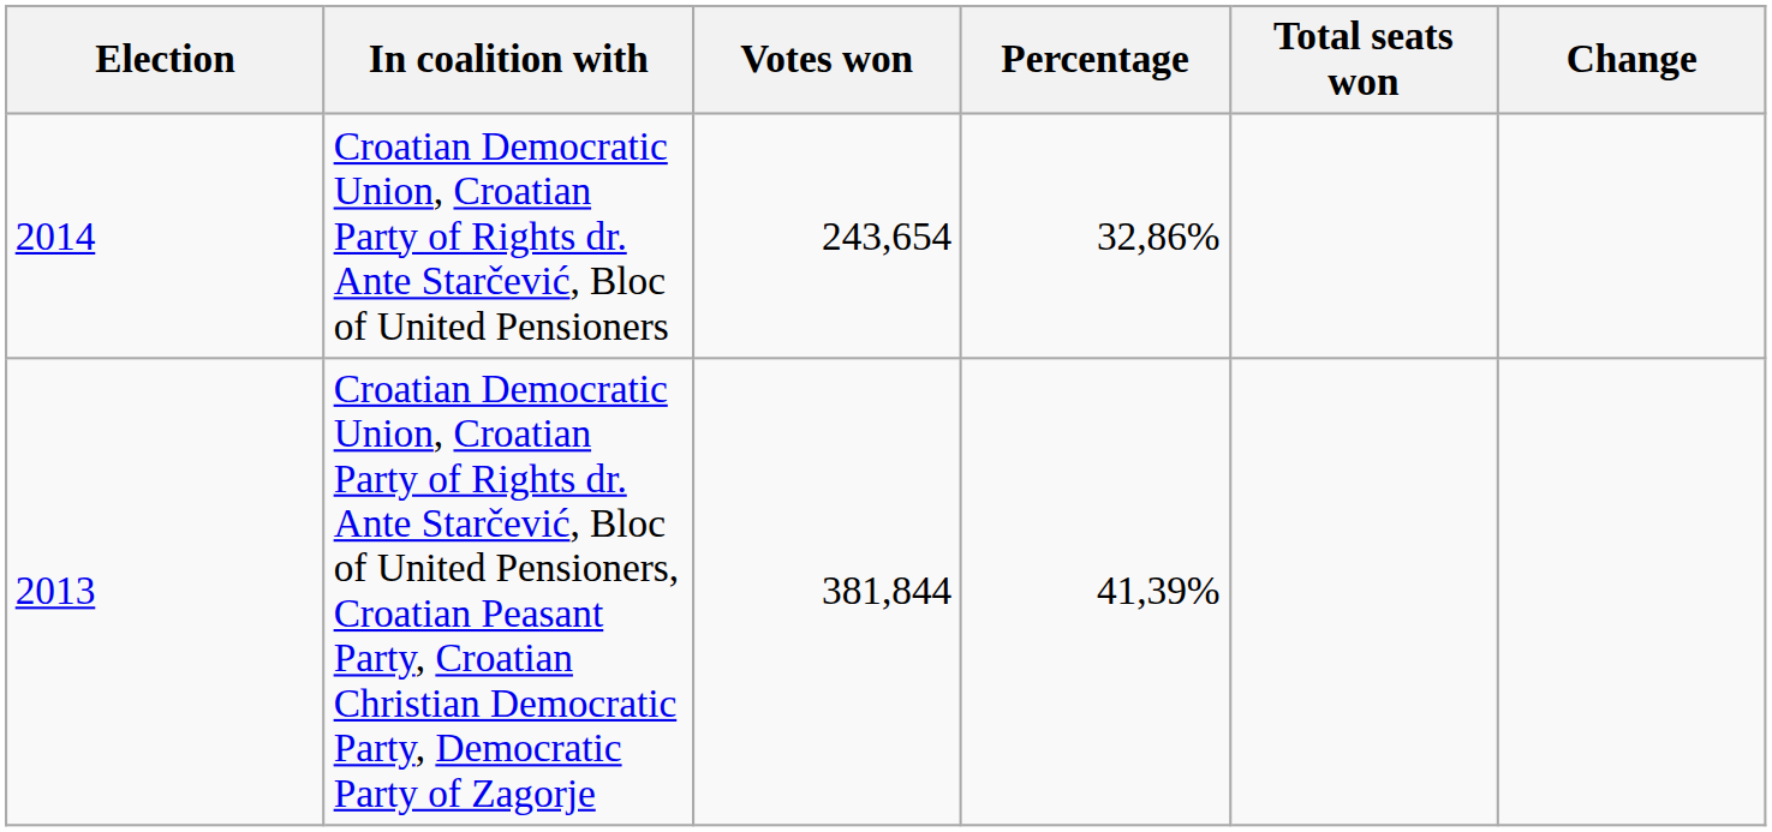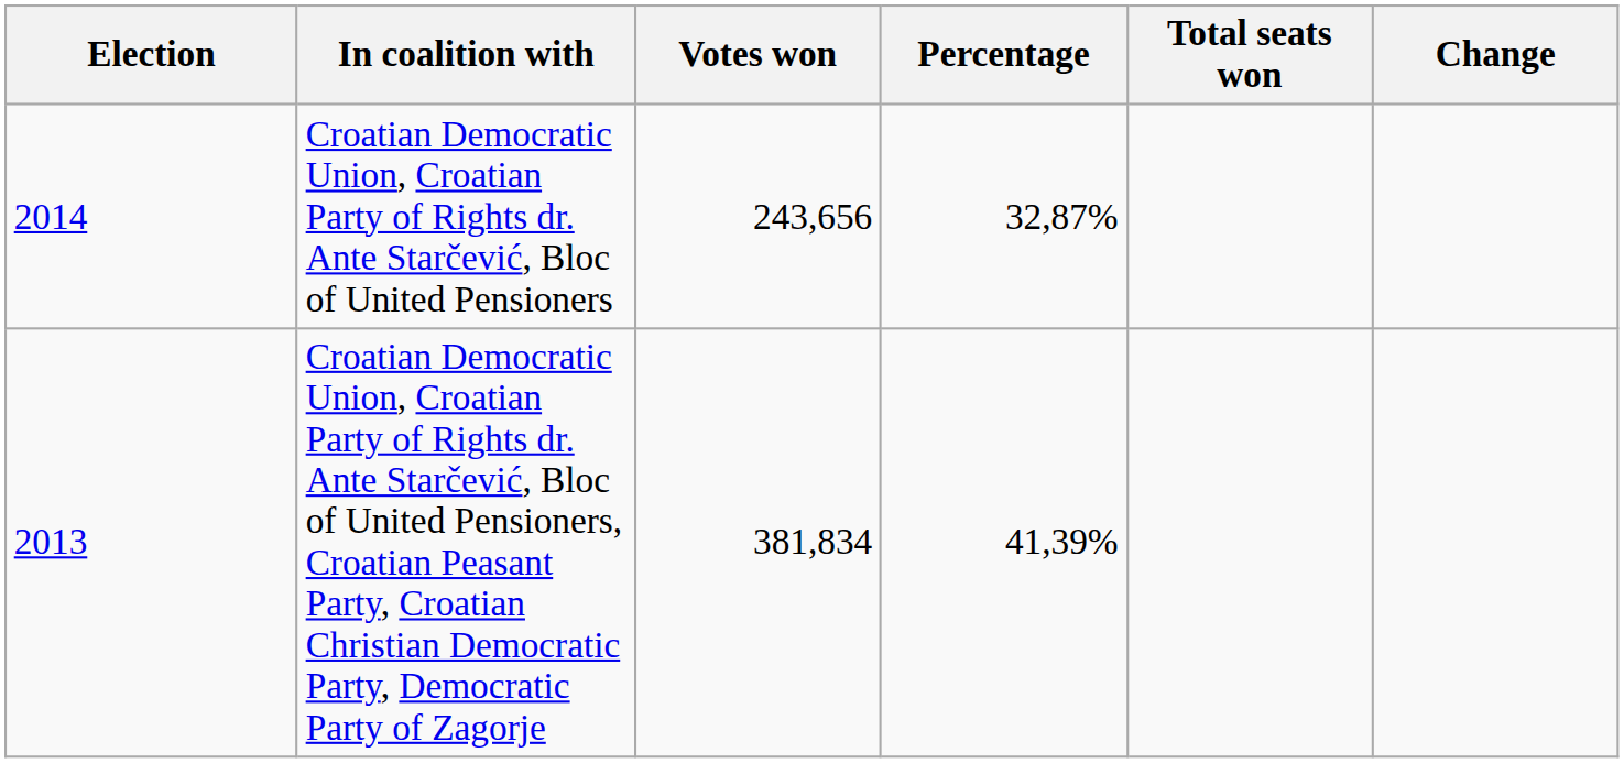 <table class="wikitable" style="text-align: left;">
 <tr>
 <th style="width:120px;">Election</th>
 <th style="width:140px;">In coalition with</th>
 <th style="width:100px;">Votes won</th>
 <th style="width:100px;">Percentage</th>
 <th style="width:100px;">Total seats won</th>
 <th style="width:100px;">Change</th>
 </tr>
 <tr>
 <td><a href='#'>2014</a></td>
 <td><a href='#'>Croatian Democratic Union</a>, <a href='#'>Croatian Party of Rights dr. Ante Starčević</a>, Bloc of United Pensioners</td>
-<td align="right">243,654</td>
-<td align="right">32,86%</td>
+<td align="right">243,656</td>
+<td align="right">32,87%</td>
 <td style="text-align:center;"></td>
 <td style="text-align:center;"></td>
 </tr>
 <tr>
 <td><a href='#'>2013</a></td>
 <td><a href='#'>Croatian Democratic Union</a>, <a href='#'>Croatian Party of Rights dr. Ante Starčević</a>, Bloc of United Pensioners, <a href='#'>Croatian Peasant Party</a>, <a href='#'>Croatian Christian Democratic Party</a>, <a href='#'>Democratic Party of Zagorje</a></td>
-<td align="right">381,844</td>
+<td align="right">381,834</td>
 <td align="right">41,39%</td>
 <td style="text-align:center;"></td>
 <td style="text-align:center;"></td>
 </tr>
 </table>
